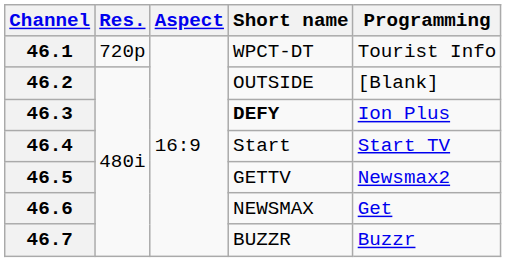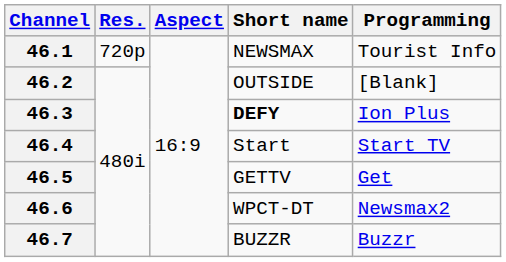 <table class="wikitable">
 <tr>
 <th scope = "col"><a href='#'>Channel</a></th>
 <th scope = "col"><a href='#'>Res.</a></th>
 <th scope = "col"><a href='#'>Aspect</a></th>
 <th scope = "col">Short name</th>
 <th scope = "col">Programming</th>
 </tr>
 <tr>
 <th scope = "row">46.1</th>
 <td>720p</td>
 <td rowspan=7>16:9</td>
-<td>WPCT-DT</td>
+<td>NEWSMAX</td>
 <td>Tourist Info</td>
 </tr>
 <tr>
 <th scope = "row">46.2</th>
 <td rowspan=6>480i</td>
 <td>OUTSIDE</td>
 <td>[Blank]</td>
 </tr>
 <tr>
 <th scope = "row">46.3</th>
 <td><strong>DEFY</strong></td>
 <td><a href='#'>Ion Plus</a></td>
 </tr>
 <tr>
 <th scope = "row">46.4</th>
 <td>Start</td>
 <td><a href='#'>Start TV</a></td>
 </tr>
 <tr>
 <th scope = "row">46.5</th>
 <td>GETTV</td>
-<td><a href='#'>Newsmax2</a></td>
+<td><a href='#'>Get</a></td>
 </tr>
 <tr>
 <th scope = "row">46.6</th>
-<td>NEWSMAX</td>
-<td><a href='#'>Get</a></td>
+<td>WPCT-DT</td>
+<td><a href='#'>Newsmax2</a></td>
 </tr>
 <tr>
 <th scope = "row">46.7</th>
 <td>BUZZR</td>
 <td><a href='#'>Buzzr</a></td>
 </tr>
 </table>
